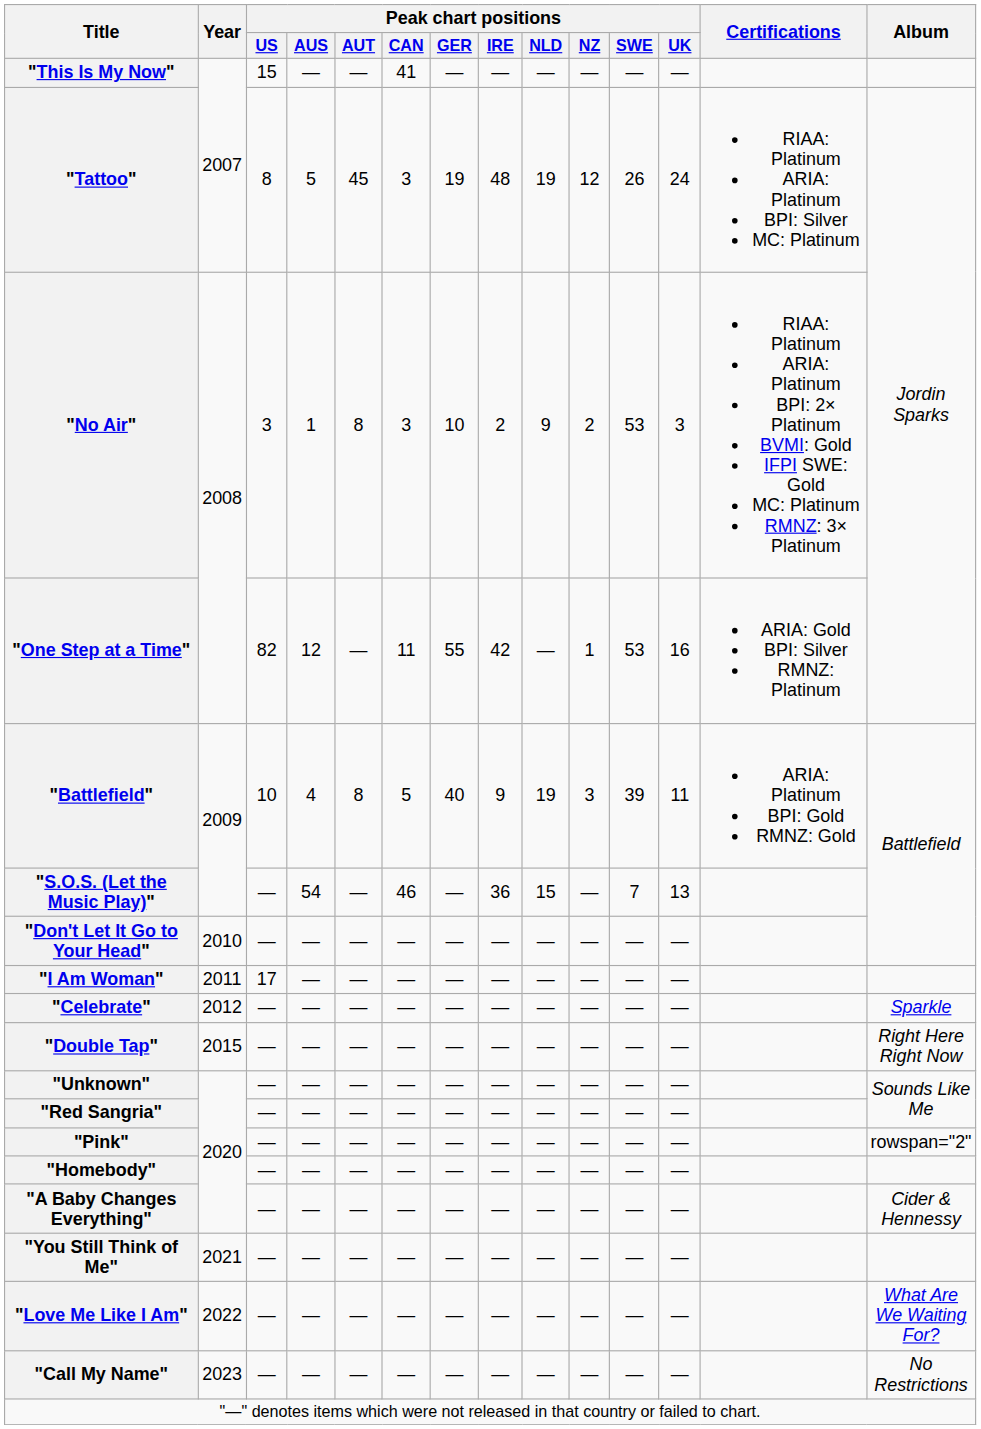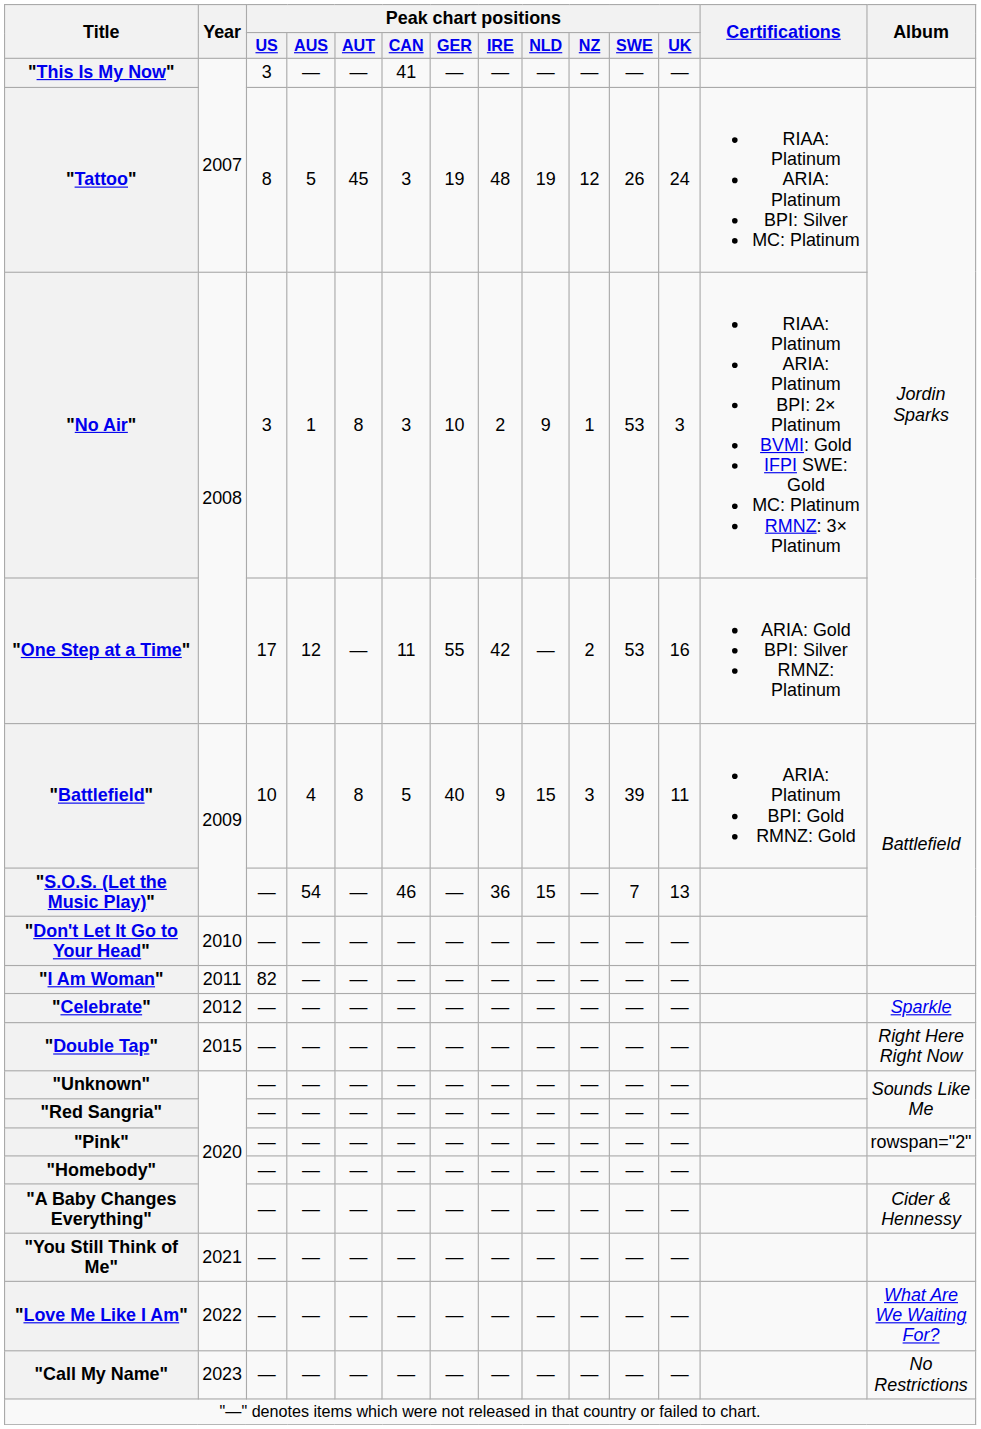 <table class="wikitable plainrowheaders" style="text-align:center;">
 <tr>
 <th scope="col" rowspan="2" style="width:16em;">Title</th>
 <th scope="col" rowspan="2">Year</th>
 <th scope="col" colspan="10">Peak chart positions</th>
 <th scope="col" rowspan="2" style="width:12em;"><a href='#'>Certifications</a></th>
 <th scope="col" rowspan="2">Album</th>
 </tr>
 <tr>
 <th scope="col" style="width:3em;font-size:90%;"><a href='#'>US</a><br></th>
 <th scope="col" style="width:3em;font-size:90%;"><a href='#'>AUS</a><br></th>
 <th scope="col" style="width:3em;font-size:90%;"><a href='#'>AUT</a><br></th>
 <th scope="col" style="width:3em;font-size:90%;"><a href='#'>CAN</a><br></th>
 <th scope="col" style="width:3em;font-size:90%;"><a href='#'>GER</a><br></th>
 <th scope="col" style="width:3em;font-size:90%;"><a href='#'>IRE</a><br></th>
 <th scope="col" style="width:3em;font-size:90%;"><a href='#'>NLD</a><br></th>
 <th scope="col" style="width:3em;font-size:90%;"><a href='#'>NZ</a><br></th>
 <th scope="col" style="width:3em;font-size:90%;"><a href='#'>SWE</a><br></th>
 <th scope="col" style="width:3em;font-size:90%;"><a href='#'>UK</a><br></th>
 </tr>
 <tr>
 <th scope="row">"<a href='#'>This Is My Now</a>"</th>
 <td rowspan="2">2007</td>
-<td>15</td>
+<td>3</td>
 <td>—</td>
 <td>—</td>
 <td>41</td>
 <td>—</td>
 <td>—</td>
 <td>—</td>
 <td>—</td>
 <td>—</td>
 <td>—</td>
 <td></td>
 <td></td>
 </tr>
 <tr>
 <th scope="row">"<a href='#'>Tattoo</a>"</th>
 <td>8</td>
 <td>5</td>
 <td>45</td>
 <td>3</td>
 <td>19</td>
 <td>48</td>
 <td>19</td>
 <td>12</td>
 <td>26</td>
 <td>24</td>
 <td><br><ul><li>RIAA: Platinum</li><li>ARIA: Platinum</li><li>BPI: Silver</li><li>MC: Platinum</li></ul></td>
 <td rowspan="3"><em>Jordin Sparks</em></td>
 </tr>
 <tr>
 <th scope="row">"<a href='#'>No Air</a>"<br></th>
 <td rowspan="2">2008</td>
 <td>3</td>
 <td>1</td>
 <td>8</td>
 <td>3</td>
 <td>10</td>
 <td>2</td>
 <td>9</td>
-<td>2</td>
+<td>1</td>
 <td>53</td>
 <td>3</td>
 <td><br><ul><li>RIAA: Platinum</li><li>ARIA: Platinum</li><li>BPI: 2× Platinum</li><li><a href='#'>BVMI</a>: Gold</li><li><a href='#'>IFPI</a> SWE: Gold</li><li>MC: Platinum</li><li><a href='#'>RMNZ</a>: 3× Platinum</li></ul></td>
 </tr>
 <tr>
 <th scope="row">"<a href='#'>One Step at a Time</a>"</th>
-<td>82</td>
+<td>17</td>
 <td>12</td>
 <td>—</td>
 <td>11</td>
 <td>55</td>
 <td>42</td>
 <td>—</td>
-<td>1</td>
+<td>2</td>
 <td>53</td>
 <td>16</td>
 <td><br><ul><li>ARIA: Gold</li><li>BPI: Silver</li><li>RMNZ: Platinum</li></ul></td>
 </tr>
 <tr>
 <th scope="row">"<a href='#'>Battlefield</a>"</th>
 <td rowspan="2">2009</td>
 <td>10</td>
 <td>4</td>
 <td>8</td>
 <td>5</td>
 <td>40</td>
 <td>9</td>
-<td>19</td>
+<td>15</td>
 <td>3</td>
 <td>39</td>
 <td>11</td>
 <td><br><ul><li>ARIA: Platinum</li><li>BPI: Gold</li><li>RMNZ: Gold</li></ul></td>
 <td rowspan="3"><em>Battlefield</em></td>
 </tr>
 <tr>
 <th scope="row">"<a href='#'>S.O.S. (Let the Music Play)</a>"</th>
 <td>—</td>
 <td>54</td>
 <td>—</td>
 <td>46</td>
 <td>—</td>
 <td>36</td>
 <td>15</td>
 <td>—</td>
 <td>7</td>
 <td>13</td>
 <td></td>
 </tr>
 <tr>
 <th scope="row">"<a href='#'>Don't Let It Go to Your Head</a>"</th>
 <td>2010</td>
 <td>—</td>
 <td>—</td>
 <td>—</td>
 <td>—</td>
 <td>—</td>
 <td>—</td>
 <td>—</td>
 <td>—</td>
 <td>—</td>
 <td>—</td>
 <td></td>
 </tr>
 <tr>
 <th scope="row">"<a href='#'>I Am Woman</a>"</th>
 <td>2011</td>
-<td>17</td>
+<td>82</td>
 <td>—</td>
 <td>—</td>
 <td>—</td>
 <td>—</td>
 <td>—</td>
 <td>—</td>
 <td>—</td>
 <td>—</td>
 <td>—</td>
 <td></td>
 <td></td>
 </tr>
 <tr>
 <th scope="row">"<a href='#'>Celebrate</a>"<br></th>
 <td>2012</td>
 <td>—</td>
 <td>—</td>
 <td>—</td>
 <td>—</td>
 <td>—</td>
 <td>—</td>
 <td>—</td>
 <td>—</td>
 <td>—</td>
 <td>—</td>
 <td></td>
 <td><em><a href='#'>Sparkle</a></em></td>
 </tr>
 <tr>
 <th scope="row">"<a href='#'>Double Tap</a>"<br></th>
 <td>2015</td>
 <td>—</td>
 <td>—</td>
 <td>—</td>
 <td>—</td>
 <td>—</td>
 <td>—</td>
 <td>—</td>
 <td>—</td>
 <td>—</td>
 <td>—</td>
 <td></td>
 <td><em>Right Here Right Now</em></td>
 </tr>
 <tr>
 <th scope="row">"Unknown"</th>
 <td rowspan="5">2020</td>
 <td>—</td>
 <td>—</td>
 <td>—</td>
 <td>—</td>
 <td>—</td>
 <td>—</td>
 <td>—</td>
 <td>—</td>
 <td>—</td>
 <td>—</td>
 <td></td>
 <td rowspan="2"><em>Sounds Like Me</em></td>
 </tr>
 <tr>
 <th scope="row">"Red Sangria"</th>
 <td>—</td>
 <td>—</td>
 <td>—</td>
 <td>—</td>
 <td>—</td>
 <td>—</td>
 <td>—</td>
 <td>—</td>
 <td>—</td>
 <td>—</td>
 <td></td>
 </tr>
 <tr>
 <th scope="row">"Pink"<br></th>
 <td>—</td>
 <td>—</td>
 <td>—</td>
 <td>—</td>
 <td>—</td>
 <td>—</td>
 <td>—</td>
 <td>—</td>
 <td>—</td>
 <td>—</td>
 <td></td>
 <td>rowspan="2" </td>
 </tr>
 <tr>
 <th scope="row">"Homebody"</th>
 <td>—</td>
 <td>—</td>
 <td>—</td>
 <td>—</td>
 <td>—</td>
 <td>—</td>
 <td>—</td>
 <td>—</td>
 <td>—</td>
 <td>—</td>
 <td></td>
 </tr>
 <tr>
 <th scope="row">"A Baby Changes Everything"<br></th>
 <td>—</td>
 <td>—</td>
 <td>—</td>
 <td>—</td>
 <td>—</td>
 <td>—</td>
 <td>—</td>
 <td>—</td>
 <td>—</td>
 <td>—</td>
 <td></td>
 <td><em>Cider & Hennessy</em></td>
 </tr>
 <tr>
 <th scope="row">"You Still Think of Me"</th>
 <td>2021</td>
 <td>—</td>
 <td>—</td>
 <td>—</td>
 <td>—</td>
 <td>—</td>
 <td>—</td>
 <td>—</td>
 <td>—</td>
 <td>—</td>
 <td>—</td>
 <td></td>
 <td></td>
 </tr>
 <tr>
 <th scope="row">"<a href='#'>Love Me Like I Am</a>"<br></th>
 <td>2022</td>
 <td>—</td>
 <td>—</td>
 <td>—</td>
 <td>—</td>
 <td>—</td>
 <td>—</td>
 <td>—</td>
 <td>—</td>
 <td>—</td>
 <td>—</td>
 <td></td>
 <td><em><a href='#'>What Are We Waiting For?</a></em></td>
 </tr>
 <tr>
 <th scope="row">"Call My Name"</th>
 <td>2023</td>
 <td>—</td>
 <td>—</td>
 <td>—</td>
 <td>—</td>
 <td>—</td>
 <td>—</td>
 <td>—</td>
 <td>—</td>
 <td>—</td>
 <td>—</td>
 <td></td>
 <td><em>No Restrictions</em></td>
 </tr>
 <tr>
 <td colspan="14" style="font-size:90%">"—" denotes items which were not released in that country or failed to chart.</td>
 </tr>
 </table>
